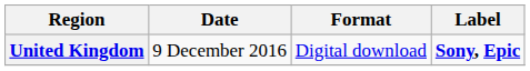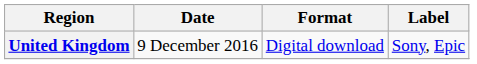 <table class="wikitable plainrowheaders">
 <tr>
 <th scope="col">Region</th>
 <th scope="col">Date</th>
 <th scope="col">Format</th>
 <th scope="col">Label</th>
 </tr>
 <tr>
 <th scope="row"><a href='#'>United Kingdom</a></th>
 <td>9 December 2016</td>
 <td><a href='#'>Digital download</a></td>
-<td><strong><a href='#'>Sony</a>, <a href='#'>Epic</a></strong></td>
+<td><a href='#'>Sony</a>, <a href='#'>Epic</a></td>
 </tr>
 <tr>
 </tr>
 </table>
